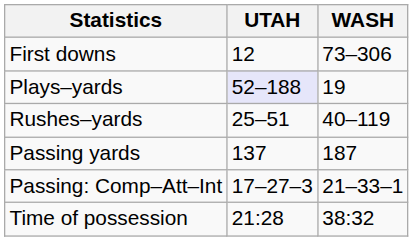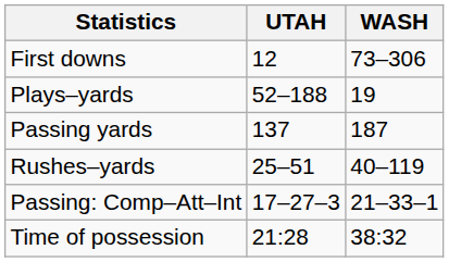 <table class="wikitable">
 <tr>
 <th>Statistics</th>
 <th>UTAH</th>
 <th>WASH</th>
 </tr>
 <tr>
 <td>First downs</td>
 <td>12</td>
 <td>73–306</td>
 </tr>
 <tr>
 <td>Plays–yards</td>
-<td style="background: lavender;">52–188</td>
+<td>52–188</td>
 <td>19</td>
+</tr>
+<tr>
+<td>Passing yards</td>
+<td>137</td>
+<td>187</td>
 </tr>
 <tr>
 <td>Rushes–yards</td>
 <td>25–51</td>
 <td>40–119</td>
-</tr>
-<tr>
-<td>Passing yards</td>
-<td>137</td>
-<td>187</td>
 </tr>
 <tr>
 <td>Passing: Comp–Att–Int</td>
 <td>17–27–3</td>
 <td>21–33–1</td>
 </tr>
 <tr>
 <td>Time of possession</td>
 <td>21:28</td>
 <td>38:32</td>
 </tr>
 </table>
